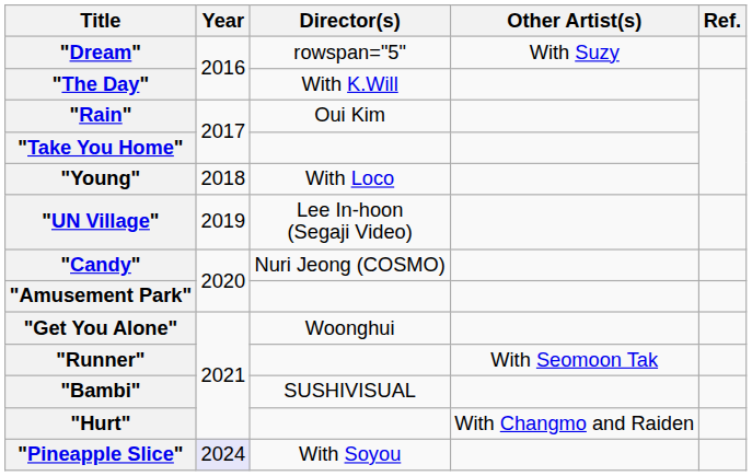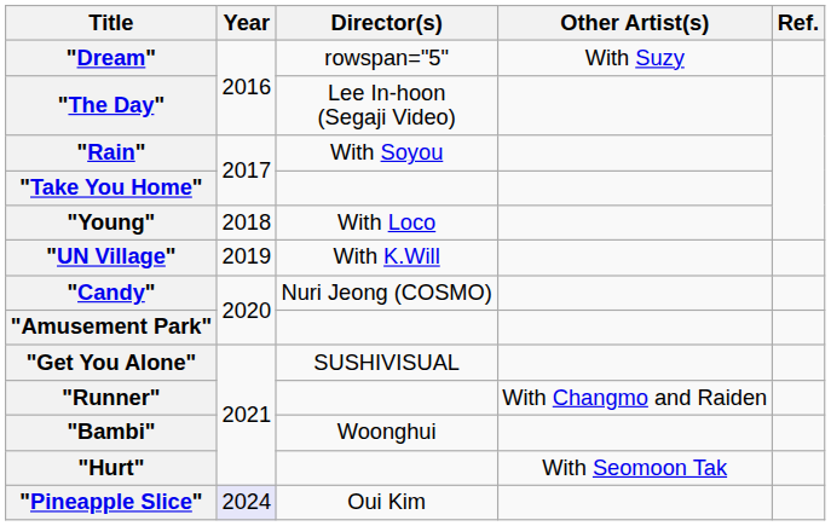 <table class="wikitable plainrowheaders" style="text-align:center;">
 <tr>
 <th>Title</th>
 <th>Year</th>
 <th>Director(s)</th>
 <th>Other Artist(s)</th>
 <th>Ref.</th>
 </tr>
 <tr>
 <th scope="row">"<a href='#'>Dream</a>"</th>
 <td rowspan="2">2016</td>
 <td>rowspan="5" </td>
 <td>With <a href='#'>Suzy</a></td>
 <td></td>
 </tr>
 <tr>
 <th scope="row">"<a href='#'>The Day</a>"</th>
-<td>With <a href='#'>K.Will</a></td>
+<td>Lee In-hoon<br>(Segaji Video)</td>
 <td></td>
 </tr>
 <tr>
 <th scope="row">"<a href='#'>Rain</a>"</th>
 <td rowspan="2">2017</td>
-<td>Oui Kim</td>
+<td>With <a href='#'>Soyou</a></td>
 <td></td>
 </tr>
 <tr>
 <th scope="row">"<a href='#'>Take You Home</a>"</th>
 <td></td>
 <td></td>
 </tr>
 <tr>
 <th scope="row">"Young"</th>
 <td>2018</td>
 <td>With <a href='#'>Loco</a></td>
 <td></td>
 </tr>
 <tr>
 <th scope="row">"<a href='#'>UN Village</a>"</th>
 <td>2019</td>
-<td>Lee In-hoon<br>(Segaji Video)</td>
+<td>With <a href='#'>K.Will</a></td>
 <td></td>
 <td></td>
 </tr>
 <tr>
 <th scope="row">"<a href='#'>Candy</a>"</th>
 <td rowspan="2">2020</td>
 <td>Nuri Jeong (COSMO)</td>
 <td></td>
 <td></td>
 </tr>
 <tr>
 <th scope="row">"Amusement Park"</th>
 <td></td>
 <td></td>
 <td></td>
 </tr>
 <tr>
 <th scope="row">"Get You Alone"</th>
 <td rowspan="4">2021</td>
-<td>Woonghui</td>
+<td>SUSHIVISUAL</td>
 <td></td>
 <td></td>
 </tr>
 <tr>
 <th scope="row">"Runner"</th>
 <td></td>
-<td>With <a href='#'>Seomoon Tak</a></td>
+<td>With <a href='#'>Changmo</a> and Raiden</td>
 <td></td>
 </tr>
 <tr>
 <th scope="row">"Bambi"</th>
-<td>SUSHIVISUAL</td>
+<td>Woonghui</td>
 <td></td>
 <td></td>
 </tr>
 <tr>
 <th scope="row">"Hurt"</th>
 <td></td>
-<td>With <a href='#'>Changmo</a> and Raiden</td>
+<td>With <a href='#'>Seomoon Tak</a></td>
 <td></td>
 </tr>
 <tr>
 <th scope="row">"<a href='#'>Pineapple Slice</a>"</th>
 <td style="background: lavender;">2024</td>
-<td>With <a href='#'>Soyou</a></td>
+<td>Oui Kim</td>
 <td></td>
 <td></td>
 </tr>
 </table>
